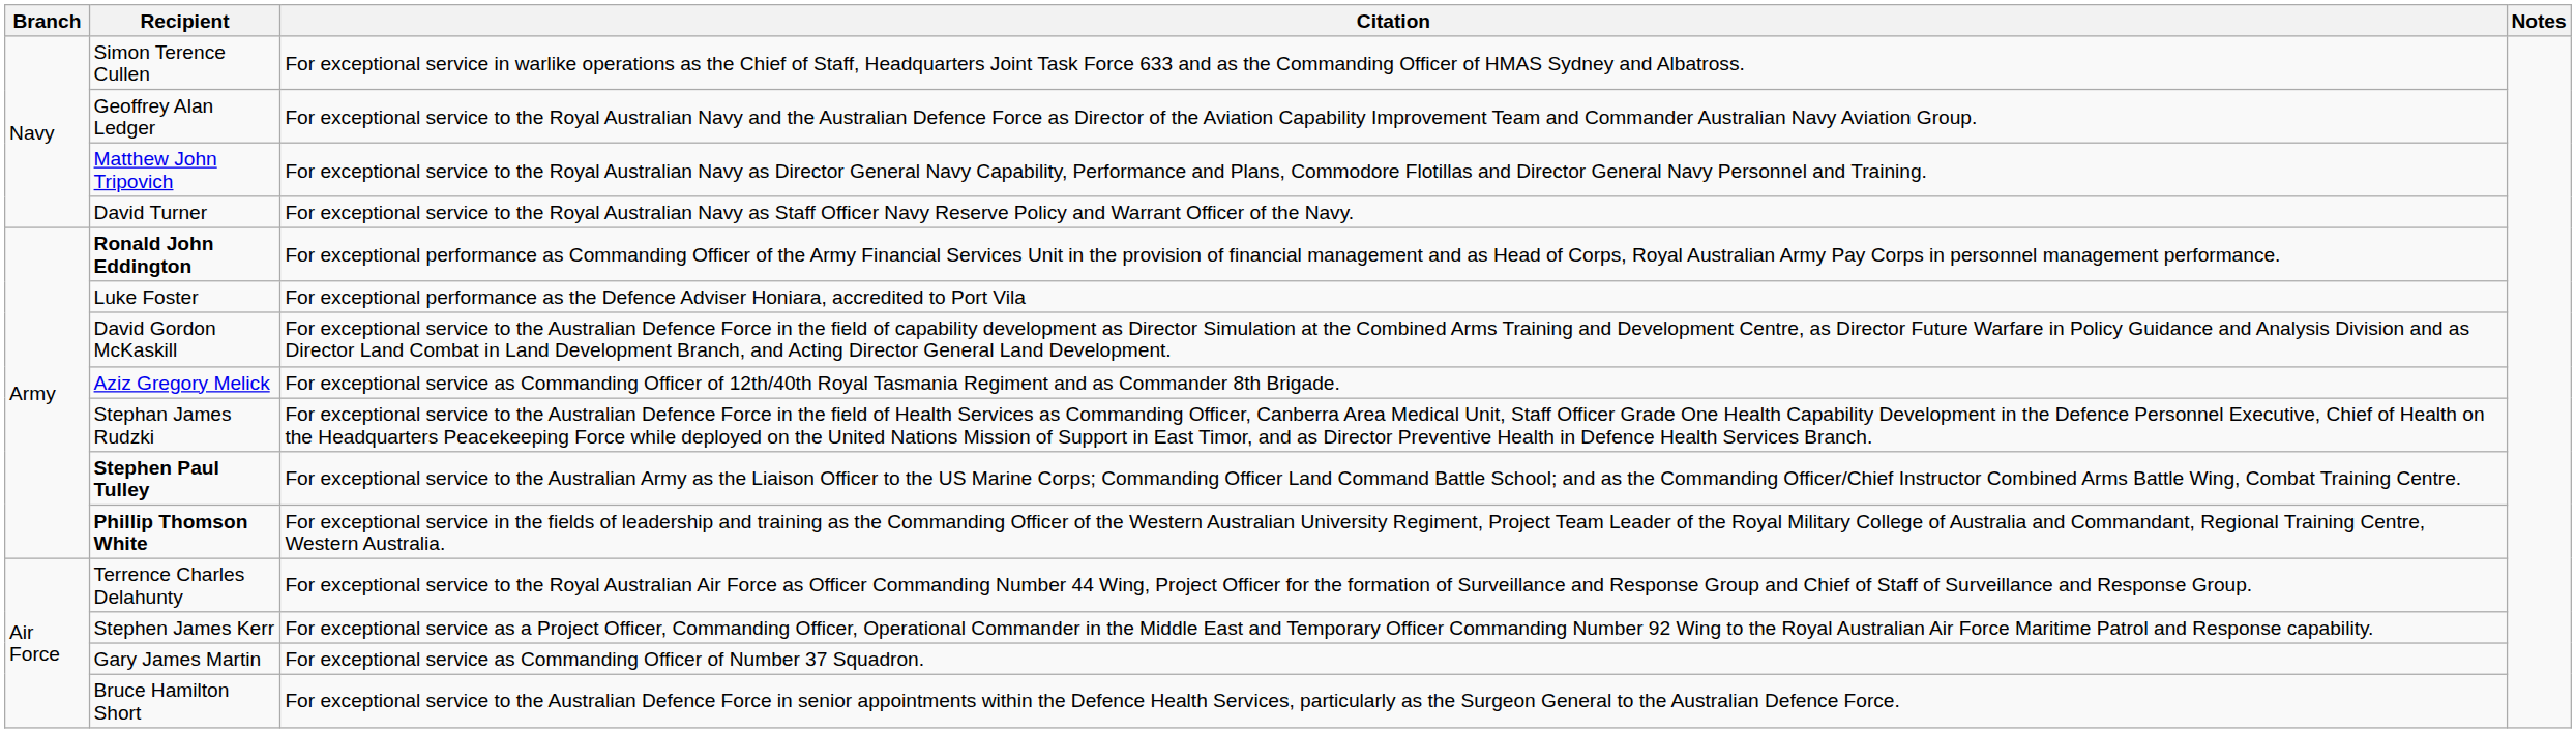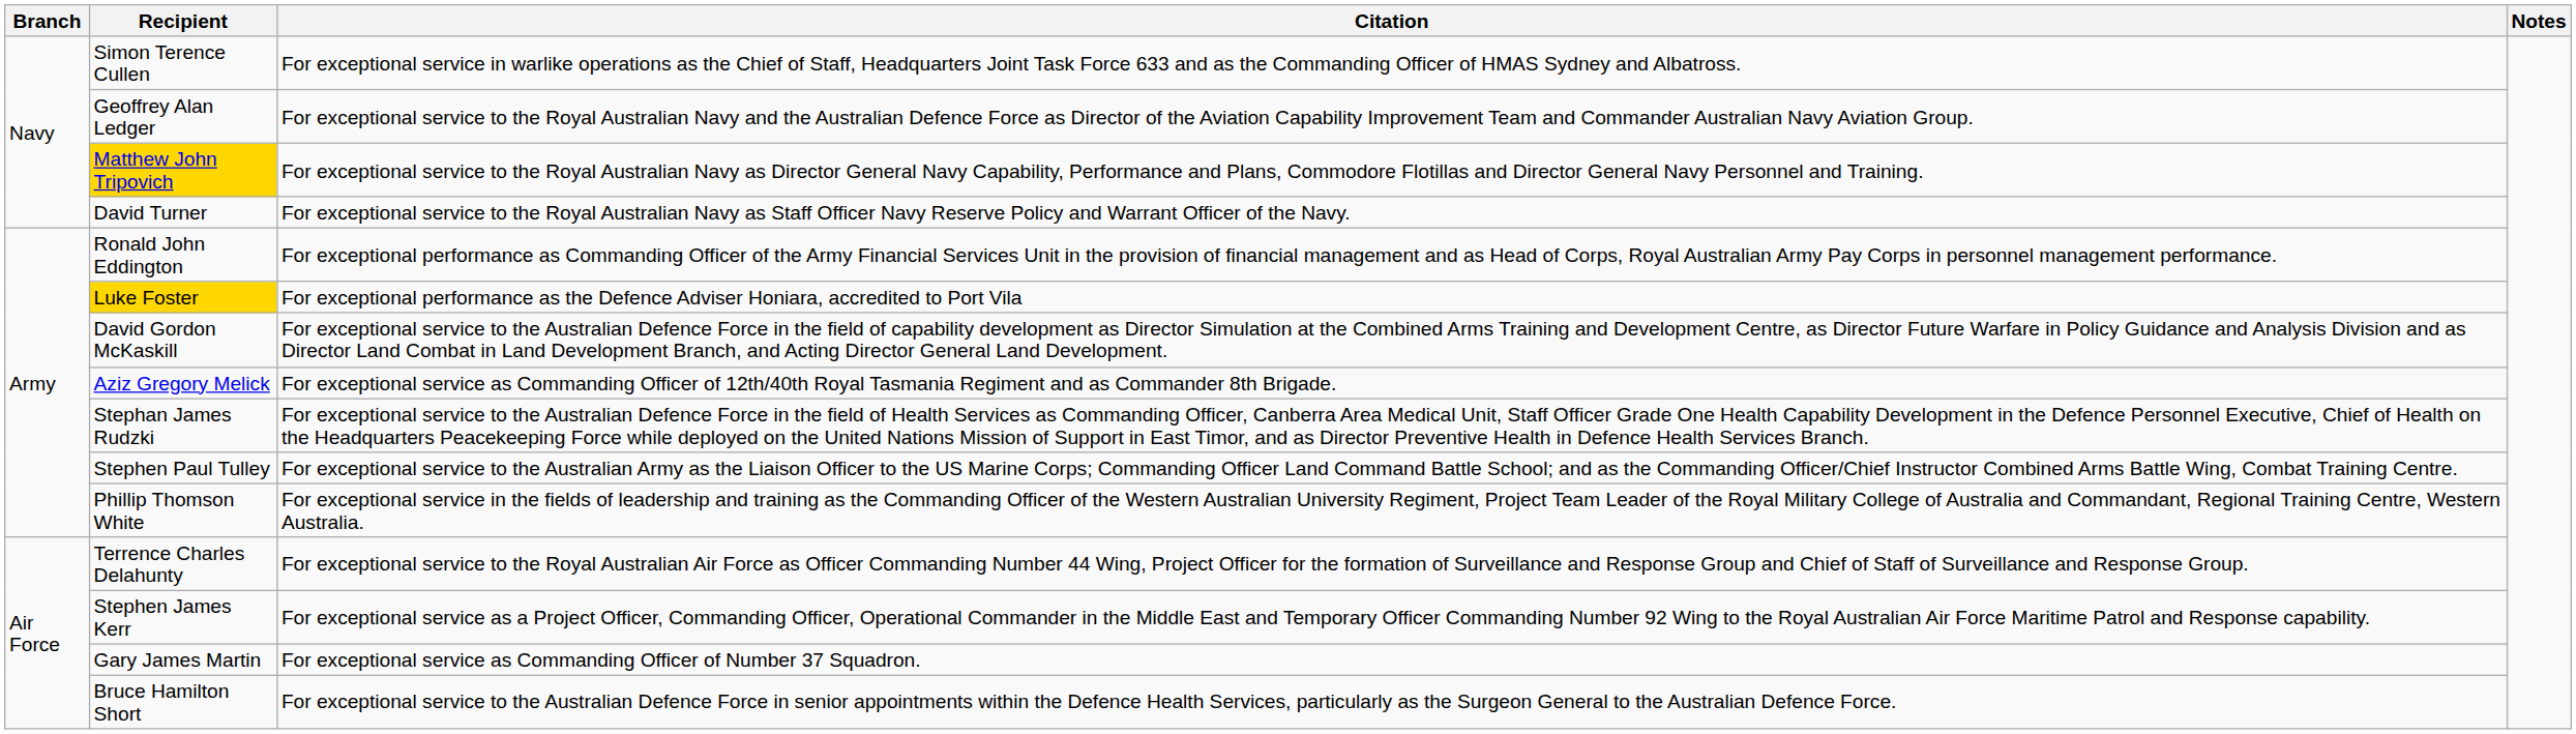 <table class="wikitable" style="font-size:95%;">
 <tr>
 <th>Branch</th>
 <th>Recipient</th>
 <th>Citation</th>
 <th>Notes</th>
 </tr>
 <tr>
 <td rowspan=4>Navy</td>
 <td> Simon Terence Cullen</td>
 <td>For exceptional service in warlike operations as the Chief of Staff, Headquarters Joint Task Force 633 and as the Commanding Officer of HMAS Sydney and Albatross.</td>
 <td rowspan=15></td>
 </tr>
 <tr>
 <td> Geoffrey Alan Ledger</td>
 <td>For exceptional service to the Royal Australian Navy and the Australian Defence Force as Director of the Aviation Capability Improvement Team and Commander Australian Navy Aviation Group.</td>
 </tr>
 <tr>
-<td> <a href='#'>Matthew John Tripovich</a></td>
+<td style="background: gold;"> <a href='#'>Matthew John Tripovich</a></td>
 <td>For exceptional service to the Royal Australian Navy as Director General Navy Capability, Performance and Plans, Commodore Flotillas and Director General Navy Personnel and Training.</td>
 </tr>
 <tr>
 <td> David Turner</td>
 <td>For exceptional service to the Royal Australian Navy as Staff Officer Navy Reserve Policy and Warrant Officer of the Navy.</td>
 </tr>
 <tr>
 <td rowspan=7>Army</td>
-<td><strong> Ronald John Eddington</strong></td>
+<td> Ronald John Eddington</td>
 <td>For exceptional performance as Commanding Officer of the Army Financial Services Unit in the provision of financial management and as Head of Corps, Royal Australian Army Pay Corps in personnel management performance.</td>
 </tr>
 <tr>
-<td> Luke Foster</td>
+<td style="background: gold;"> Luke Foster</td>
 <td>For exceptional performance as the Defence Adviser Honiara, accredited to Port Vila</td>
 </tr>
 <tr>
 <td> David Gordon McKaskill</td>
 <td>For exceptional service to the Australian Defence Force in the field of capability development as Director Simulation at the Combined Arms Training and Development Centre, as Director Future Warfare in Policy Guidance and Analysis Division and as Director Land Combat in Land Development Branch, and Acting Director General Land Development.</td>
 </tr>
 <tr>
 <td> <a href='#'>Aziz Gregory Melick</a></td>
 <td>For exceptional service as Commanding Officer of 12th/40th Royal Tasmania Regiment and as Commander 8th Brigade.</td>
 </tr>
 <tr>
 <td> Stephan James Rudzki</td>
 <td>For exceptional service to the Australian Defence Force in the field of Health Services as Commanding Officer, Canberra Area Medical Unit, Staff Officer Grade One Health Capability Development in the Defence Personnel Executive, Chief of Health on the Headquarters Peacekeeping Force while deployed on the United Nations Mission of Support in East Timor, and as Director Preventive Health in Defence Health Services Branch.</td>
 </tr>
 <tr>
-<td><strong> Stephen Paul Tulley</strong></td>
+<td> Stephen Paul Tulley</td>
 <td>For exceptional service to the Australian Army as the Liaison Officer to the US Marine Corps; Commanding Officer Land Command Battle School; and as the Commanding Officer/Chief Instructor Combined Arms Battle Wing, Combat Training Centre.</td>
 </tr>
 <tr>
-<td><strong> Phillip Thomson White</strong></td>
+<td> Phillip Thomson White</td>
 <td>For exceptional service in the fields of leadership and training as the Commanding Officer of the Western Australian University Regiment, Project Team Leader of the Royal Military College of Australia and Commandant, Regional Training Centre, Western Australia.</td>
 </tr>
 <tr>
 <td rowspan=4>Air Force</td>
 <td> Terrence Charles Delahunty</td>
 <td>For exceptional service to the Royal Australian Air Force as Officer Commanding Number 44 Wing, Project Officer for the formation of Surveillance and Response Group and Chief of Staff of Surveillance and Response Group.</td>
 </tr>
 <tr>
 <td> Stephen James Kerr</td>
 <td>For exceptional service as a Project Officer, Commanding Officer, Operational Commander in the Middle East and Temporary Officer Commanding Number 92 Wing to the Royal Australian Air Force Maritime Patrol and Response capability.</td>
 </tr>
 <tr>
 <td> Gary James Martin</td>
 <td>For exceptional service as Commanding Officer of Number 37 Squadron.</td>
 </tr>
 <tr>
 <td> Bruce Hamilton Short</td>
 <td>For exceptional service to the Australian Defence Force in senior appointments within the Defence Health Services, particularly as the Surgeon General to the Australian Defence Force.</td>
 </tr>
 </table>
